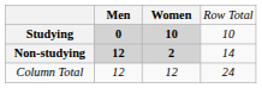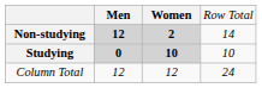 <table class="wikitable"  style="text-align:center;">
 <tr>
 <th></th>
 <th>   Men   </th>
 <th>  Women  </th>
 <td><em>Row Total</em></td>
 </tr>
 <tr>
+<th scope="row">  Non-studying  </th>
+<td bgcolor="lightgray"><strong>12</strong></td>
+<td bgcolor="lightgray"><strong>2</strong></td>
+<td><em>14</em></td>
+</tr>
+<tr>
 <th scope="row">Studying</th>
 <td bgcolor="lightgray"><strong>0</strong></td>
 <td bgcolor="lightgray"><strong>10</strong></td>
 <td><em>10</em></td>
-</tr>
-<tr>
-<th scope="row">  Non-studying  </th>
-<td bgcolor="lightgray"><strong>12</strong></td>
-<td bgcolor="lightgray"><strong>2</strong></td>
-<td><em>14</em></td>
 </tr>
 <tr>
 <td><em>Column Total</em></td>
 <td><em>12</em></td>
 <td><em>12</em></td>
 <td><em>24</em></td>
 </tr>
 </table>
